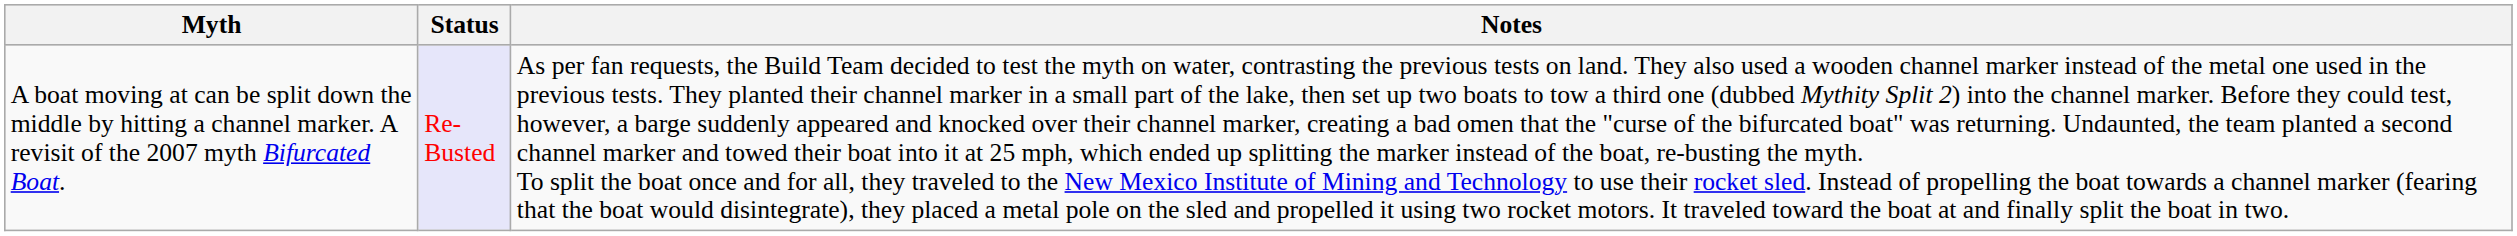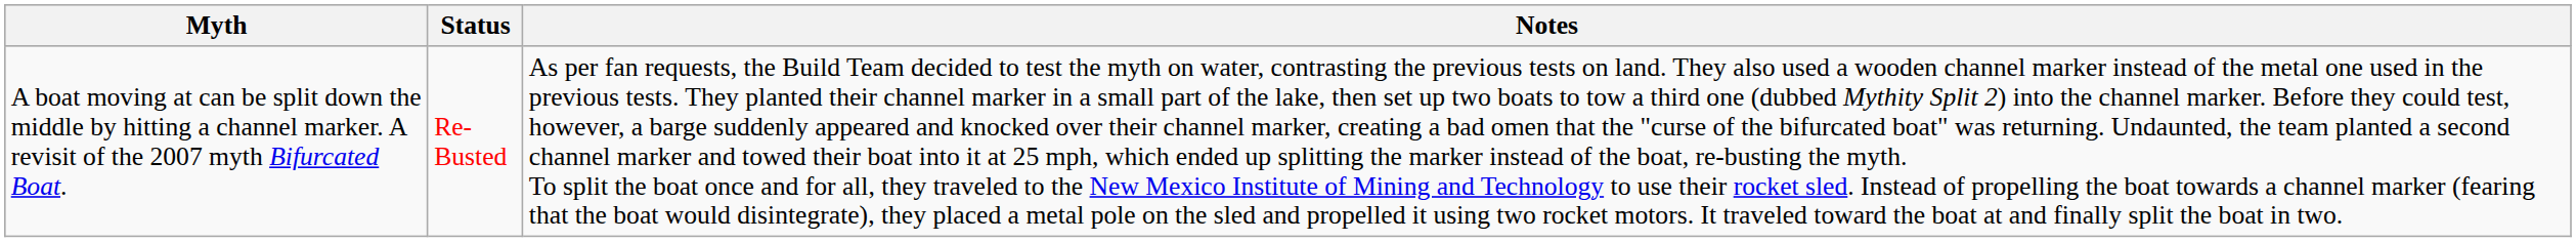 <table class="wikitable plainrowheaders">
 <tr>
 <th scope"col">Myth</th>
 <th scope"col">Status</th>
 <th scope"col">Notes</th>
 </tr>
 <tr>
 <td scope"row">A boat moving at  can be split down the middle by hitting a channel marker. A revisit of the 2007 myth <em><a href='#'>Bifurcated Boat</a></em>.</td>
-<td style="background: lavender; color:red">Re-Busted</td>
+<td style="color:red">Re-Busted</td>
 <td>As per fan requests, the Build Team decided to test the myth on water, contrasting the previous tests on land. They also used a wooden channel marker instead of the metal one used in the previous tests. They planted their channel marker in a small part of the lake, then set up two boats to tow a third one (dubbed <em>Mythity Split 2</em>) into the channel marker. Before they could test, however, a barge suddenly appeared and knocked over their channel marker, creating a bad omen that the "curse of the bifurcated boat" was returning. Undaunted, the team planted a second channel marker and towed their boat into it at 25 mph, which ended up splitting the marker instead of the boat, re-busting the myth.<br>To split the boat once and for all, they traveled to the <a href='#'>New Mexico Institute of Mining and Technology</a> to use their <a href='#'>rocket sled</a>. Instead of propelling the boat towards a channel marker (fearing that the boat would disintegrate), they placed a metal pole on the sled and propelled it using two rocket motors. It traveled toward the boat at  and finally split the boat in two.</td>
 </tr>
 </table>
